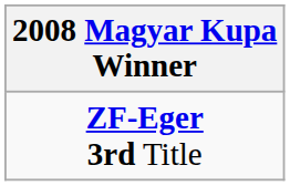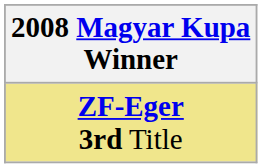 <table class=wikitable style="text-align:center; margin:auto">
 <tr>
 <th>2008 <a href='#'>Magyar Kupa</a><br>Winner</th>
 </tr>
 <tr>
-<td align=center><strong><a href='#'>ZF-Eger</a></strong><br><strong>3rd</strong> Title</td>
+<td align=center style="background: khaki;"><strong><a href='#'>ZF-Eger</a></strong><br><strong>3rd</strong> Title</td>
 </tr>
 </table>
